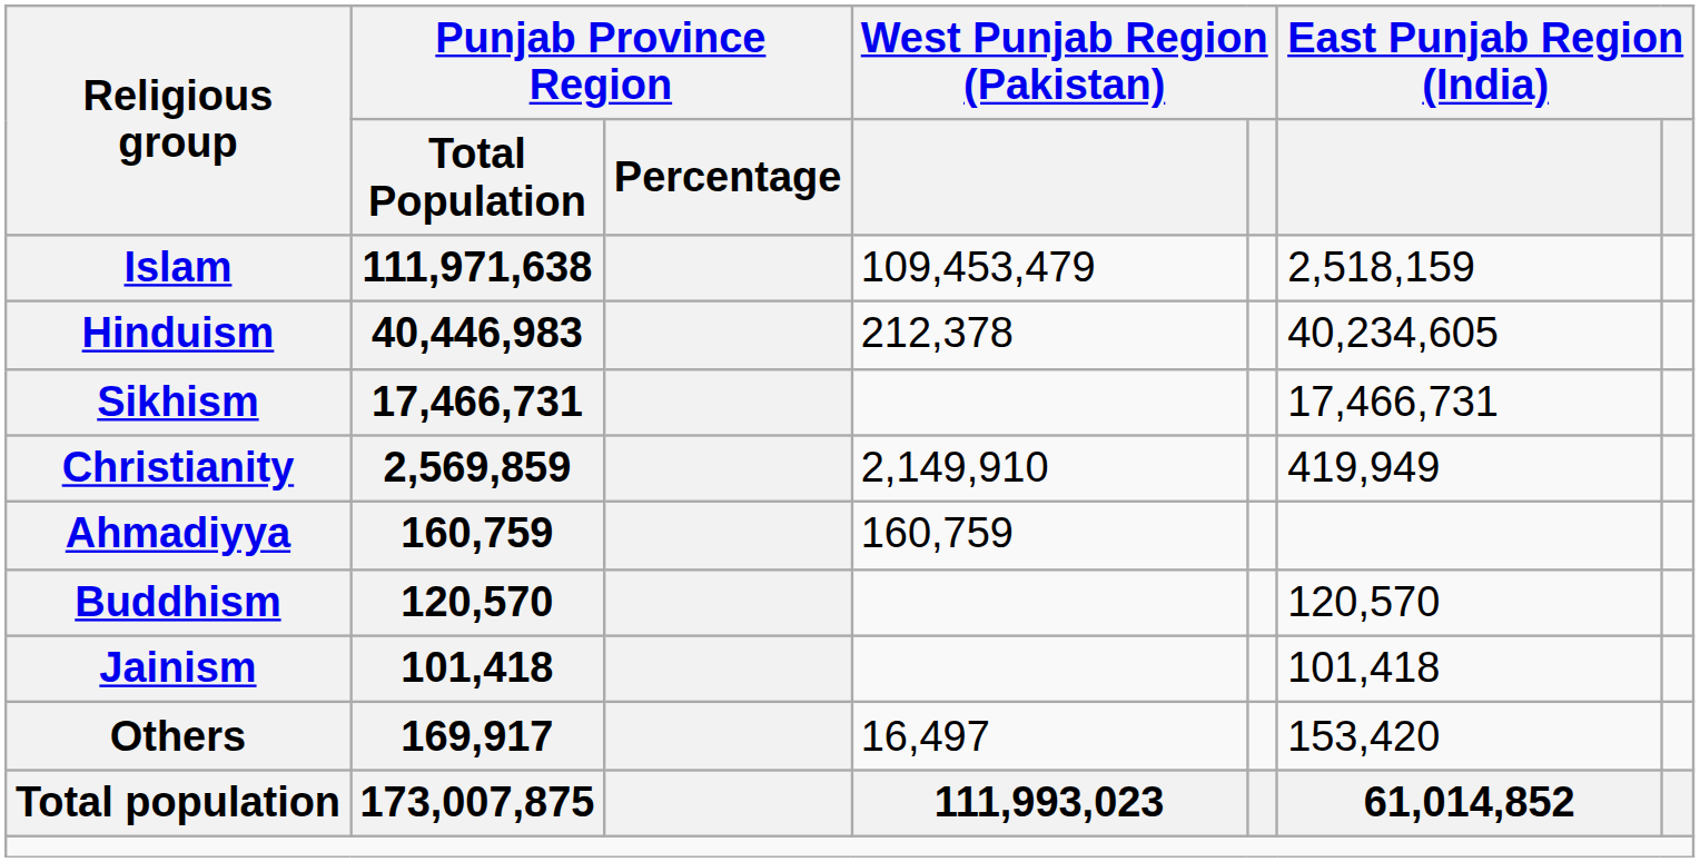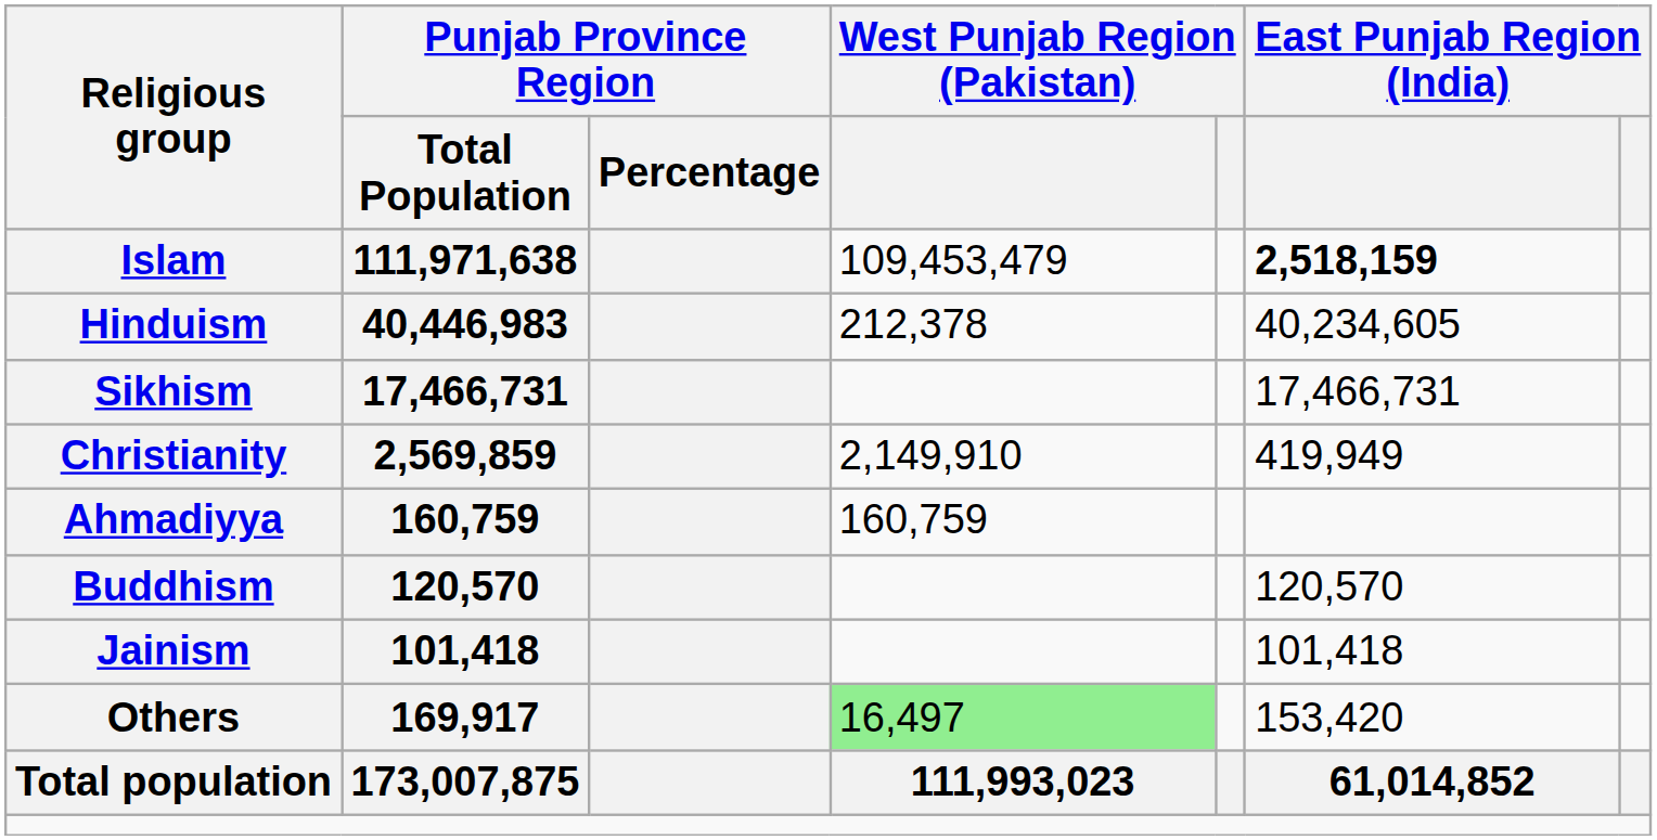 <table class="wikitable sortable">
 <tr>
 <th rowspan="2">Religious<br>group</th>
 <th colspan="2"><a href='#'>Punjab Province<br>Region</a></th>
 <th colspan="2"><a href='#'>West Punjab Region<br>(Pakistan)</a></th>
 <th colspan="2"><a href='#'>East Punjab Region<br>(India)</a></th>
 </tr>
 <tr>
 <th>Total<br>Population</th>
 <th>Percentage</th>
 <th><a href='#'></a></th>
 <th></th>
 <th></th>
 <th></th>
 </tr>
 <tr>
 <th><a href='#'>Islam</a> </th>
 <th>111,971,638</th>
 <th></th>
 <td>109,453,479</td>
 <td></td>
-<td>2,518,159</td>
+<td><strong>2,518,159</strong></td>
 <td></td>
 </tr>
 <tr>
 <th><a href='#'>Hinduism</a> </th>
 <th>40,446,983</th>
 <th></th>
 <td>212,378</td>
 <td></td>
 <td>40,234,605</td>
 <td></td>
 </tr>
 <tr>
 <th><a href='#'>Sikhism</a> </th>
 <th>17,466,731</th>
 <th></th>
 <td></td>
 <td></td>
 <td>17,466,731</td>
 <td></td>
 </tr>
 <tr>
 <th><a href='#'>Christianity</a> </th>
 <th>2,569,859</th>
 <th></th>
 <td>2,149,910</td>
 <td></td>
 <td>419,949</td>
 <td></td>
 </tr>
 <tr>
 <th><a href='#'>Ahmadiyya</a> </th>
 <th>160,759</th>
 <th></th>
 <td>160,759</td>
 <td></td>
 <td></td>
 <td></td>
 </tr>
 <tr>
 <th><a href='#'>Buddhism</a> </th>
 <th>120,570</th>
 <th></th>
 <td></td>
 <td></td>
 <td>120,570</td>
 <td></td>
 </tr>
 <tr>
 <th><a href='#'>Jainism</a> </th>
 <th>101,418</th>
 <th></th>
 <td></td>
 <td></td>
 <td>101,418</td>
 <td></td>
 </tr>
 <tr>
 <th>Others</th>
 <th>169,917</th>
 <th></th>
-<td>16,497</td>
+<td style="background: lightgreen;">16,497</td>
 <td></td>
 <td>153,420</td>
 <td></td>
 </tr>
 <tr>
 <th>Total population</th>
 <th>173,007,875</th>
 <th></th>
 <th>111,993,023</th>
 <th></th>
 <th>61,014,852</th>
 <th></th>
 </tr>
 <tr class="sortbottom">
 <td colspan="15"></td>
 </tr>
 </table>
